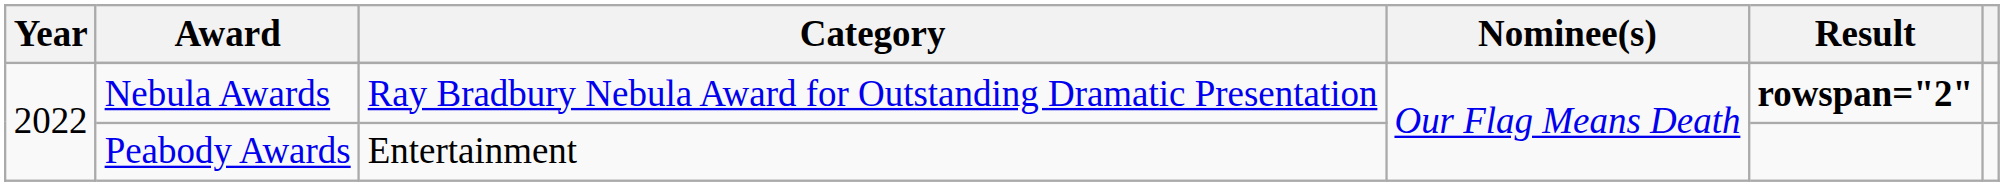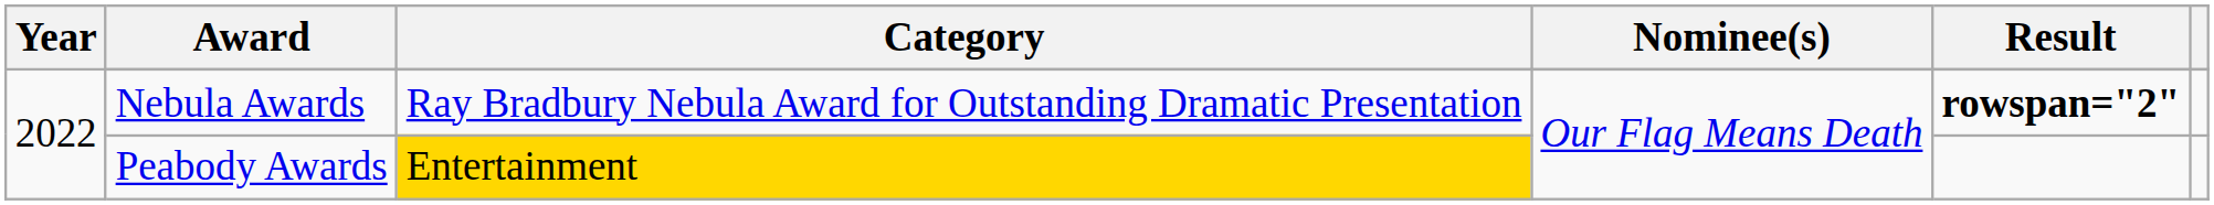 <table class="wikitable plainrowheaders sortable">
 <tr>
 <th scope="col">Year</th>
 <th scope="col">Award</th>
 <th scope="col">Category</th>
 <th scope="col">Nominee(s)</th>
 <th scope="col">Result</th>
 <th scope="col" class="unsortable"></th>
 </tr>
 <tr>
 <td rowspan="3" style="text-align:center">2022</td>
 </tr>
 <tr>
 <td><a href='#'>Nebula Awards</a></td>
 <td><a href='#'>Ray Bradbury Nebula Award for Outstanding Dramatic Presentation</a></td>
 <td rowspan="2"><em><a href='#'>Our Flag Means Death</a></em></td>
 <td><strong>rowspan="2" </strong></td>
 <td align="center"></td>
 </tr>
 <tr>
 <td><a href='#'>Peabody Awards</a></td>
-<td>Entertainment</td>
+<td style="background: gold;">Entertainment</td>
 <td align="center"></td>
 </tr>
 </table>
